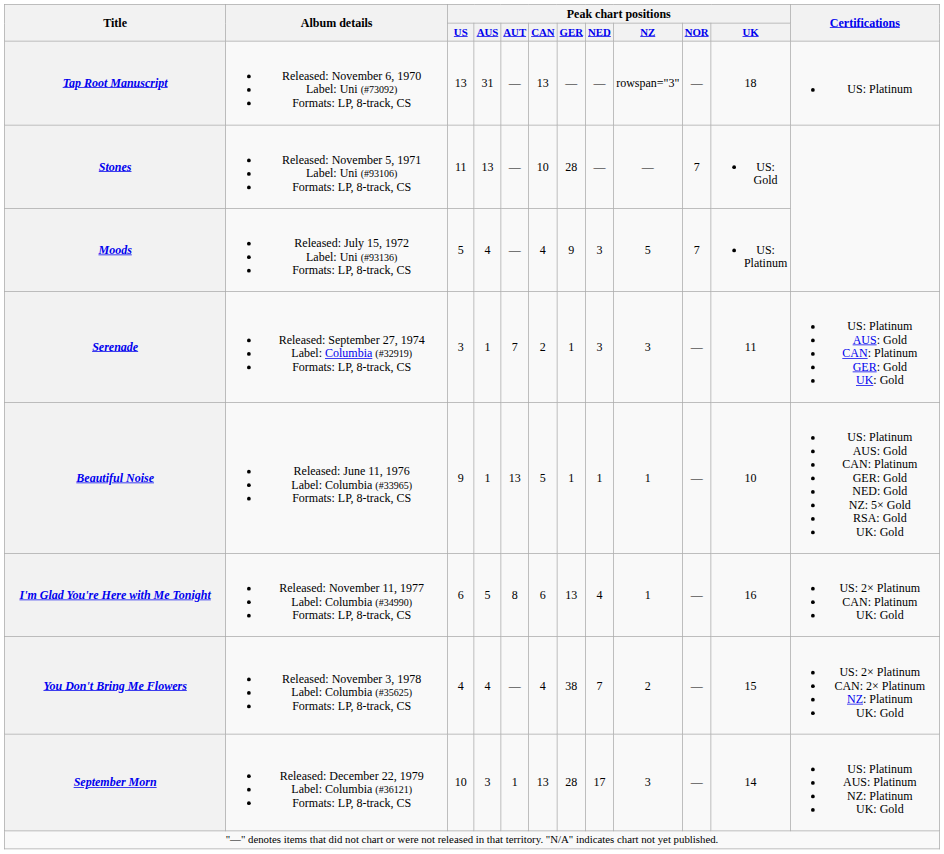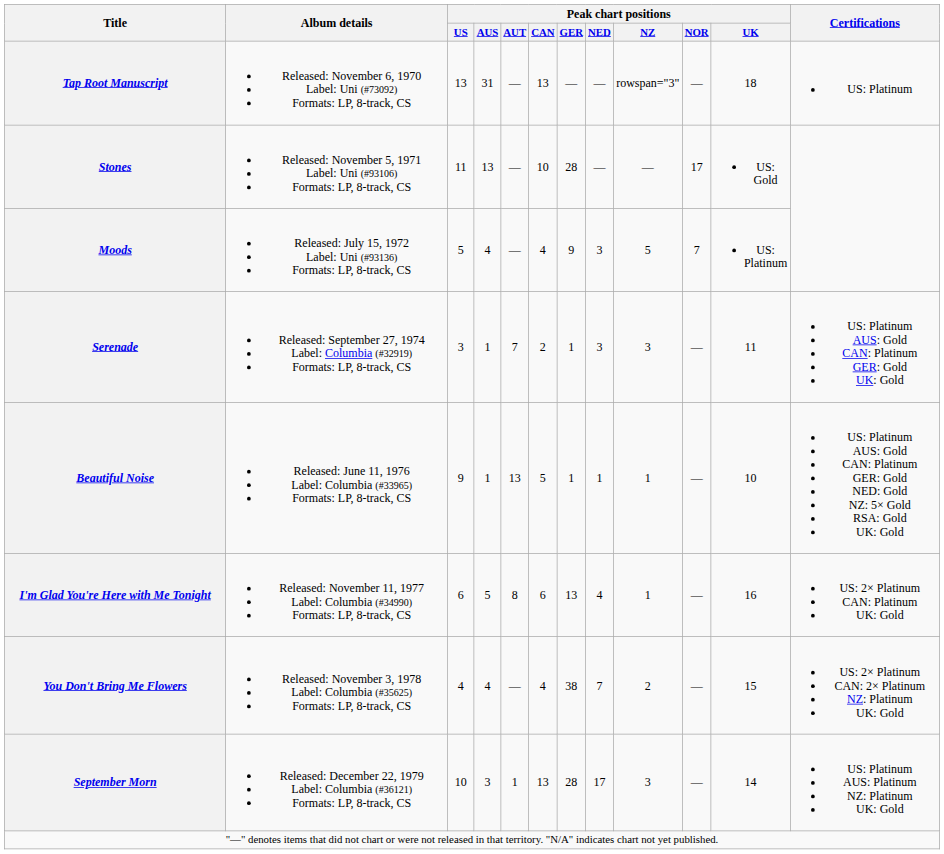 <table class="wikitable plainrowheaders" style="text-align:center;">
 <tr>
 <th scope="col" rowspan="2" style="width:18em;">Title</th>
 <th scope="col" rowspan="2" style="width:18em;">Album details</th>
 <th scope="col" colspan="9">Peak chart positions</th>
 <th scope="col" rowspan="2" style="width:12em;"><a href='#'>Certifications</a></th>
 </tr>
 <tr>
 <th style="width:2em;font-size:90%;"><a href='#'>US</a><br></th>
 <th style="width:2em;font-size:90%;"><a href='#'>AUS</a><br></th>
 <th style="width:2em;font-size:90%;"><a href='#'>AUT</a><br></th>
 <th style="width:2em;font-size:90%;"><a href='#'>CAN</a><br></th>
 <th style="width:2em;font-size:90%;"><a href='#'>GER</a><br></th>
 <th style="width:2em;font-size:90%;"><a href='#'>NED</a><br></th>
 <th style="width:2em;font-size:90%;"><a href='#'>NZ</a><br></th>
 <th style="width:2em;font-size:90%;"><a href='#'>NOR</a><br></th>
 <th style="width:2em;font-size:90%;"><a href='#'>UK</a><br></th>
 </tr>
 <tr>
 <th scope="row"><em><a href='#'>Tap Root Manuscript</a></em></th>
 <td><br><ul><li>Released: November 6, 1970</li><li>Label: Uni <small>(#73092)</small></li><li>Formats: LP, 8-track, CS</li></ul></td>
 <td>13</td>
 <td>31</td>
 <td>—</td>
 <td>13</td>
 <td>—</td>
 <td>—</td>
 <td>rowspan="3" </td>
 <td>—</td>
 <td>18</td>
 <td><br><ul><li>US: Platinum</li></ul></td>
 </tr>
 <tr>
 <th scope="row"><em><a href='#'>Stones</a></em></th>
 <td><br><ul><li>Released: November 5, 1971</li><li>Label: Uni <small>(#93106)</small></li><li>Formats: LP, 8-track, CS</li></ul></td>
 <td>11</td>
 <td>13</td>
 <td>—</td>
 <td>10</td>
 <td>28</td>
 <td>—</td>
 <td>—</td>
-<td>7</td>
+<td>17</td>
 <td><br><ul><li>US: Gold</li></ul></td>
 </tr>
 <tr>
 <th scope="row"><em><a href='#'>Moods</a></em></th>
 <td><br><ul><li>Released: July 15, 1972</li><li>Label: Uni <small>(#93136)</small></li><li>Formats: LP, 8-track, CS</li></ul></td>
 <td>5</td>
 <td>4</td>
 <td>—</td>
 <td>4</td>
 <td>9</td>
 <td>3</td>
 <td>5</td>
 <td>7</td>
 <td><br><ul><li>US: Platinum</li></ul></td>
 </tr>
 <tr>
 <th scope="row"><em><a href='#'>Serenade</a></em></th>
 <td><br><ul><li>Released: September 27, 1974</li><li>Label: <a href='#'>Columbia</a> <small>(#32919)</small></li><li>Formats: LP, 8-track, CS</li></ul></td>
 <td>3</td>
 <td>1</td>
 <td>7</td>
 <td>2</td>
 <td>1</td>
 <td>3</td>
 <td>3</td>
 <td>—</td>
 <td>11</td>
 <td><br><ul><li>US: Platinum</li><li><a href='#'>AUS</a>: Gold</li><li><a href='#'>CAN</a>: Platinum</li><li><a href='#'>GER</a>: Gold</li><li><a href='#'>UK</a>: Gold</li></ul></td>
 </tr>
 <tr>
 <th scope="row"><em><a href='#'>Beautiful Noise</a></em></th>
 <td><br><ul><li>Released: June 11, 1976</li><li>Label: Columbia <small>(#33965)</small></li><li>Formats: LP, 8-track, CS</li></ul></td>
 <td>9</td>
 <td>1</td>
 <td>13</td>
 <td>5</td>
 <td>1</td>
 <td>1</td>
 <td>1</td>
 <td>—</td>
 <td>10</td>
 <td><br><ul><li>US: Platinum</li><li>AUS: Gold</li><li>CAN: Platinum</li><li>GER: Gold</li><li>NED: Gold</li><li>NZ: 5× Gold</li><li>RSA: Gold</li><li>UK: Gold</li></ul></td>
 </tr>
 <tr>
 <th scope="row"><em><a href='#'>I'm Glad You're Here with Me Tonight</a></em></th>
 <td><br><ul><li>Released: November 11, 1977</li><li>Label: Columbia <small>(#34990)</small></li><li>Formats: LP, 8-track, CS</li></ul></td>
 <td>6</td>
 <td>5</td>
 <td>8</td>
 <td>6</td>
 <td>13</td>
 <td>4</td>
 <td>1</td>
 <td>—</td>
 <td>16</td>
 <td><br><ul><li>US: 2× Platinum</li><li>CAN: Platinum</li><li>UK: Gold</li></ul></td>
 </tr>
 <tr>
 <th scope="row"><em><a href='#'>You Don't Bring Me Flowers</a></em></th>
 <td><br><ul><li>Released: November 3, 1978</li><li>Label: Columbia <small>(#35625)</small></li><li>Formats: LP, 8-track, CS</li></ul></td>
 <td>4</td>
 <td>4</td>
 <td>—</td>
 <td>4</td>
 <td>38</td>
 <td>7</td>
 <td>2</td>
 <td>—</td>
 <td>15</td>
 <td><br><ul><li>US: 2× Platinum</li><li>CAN: 2× Platinum</li><li><a href='#'>NZ</a>: Platinum</li><li>UK: Gold</li></ul></td>
 </tr>
 <tr>
 <th scope="row"><em><a href='#'>September Morn</a></em></th>
 <td><br><ul><li>Released: December 22, 1979</li><li>Label: Columbia <small>(#36121)</small></li><li>Formats: LP, 8-track, CS</li></ul></td>
 <td>10</td>
 <td>3</td>
 <td>1</td>
 <td>13</td>
 <td>28</td>
 <td>17</td>
 <td>3</td>
 <td>—</td>
 <td>14</td>
 <td><br><ul><li>US: Platinum</li><li>AUS: Platinum</li><li>NZ: Platinum</li><li>UK: Gold</li></ul></td>
 </tr>
 <tr>
 <td align="center" colspan="15" style="font-size:90%">"—" denotes items that did not chart or were not released in that territory. "N/A" indicates chart not yet published.</td>
 </tr>
 </table>
